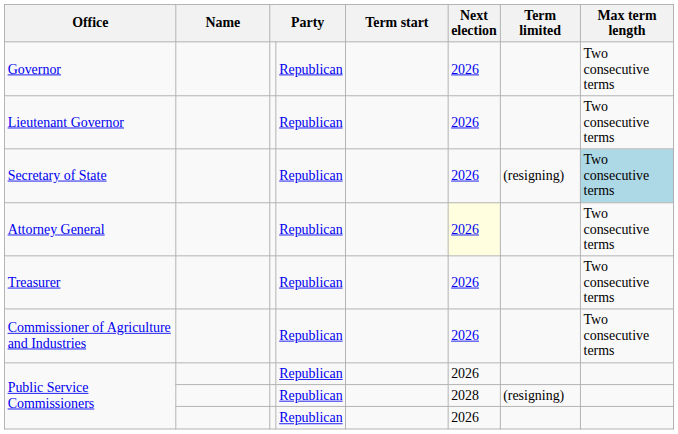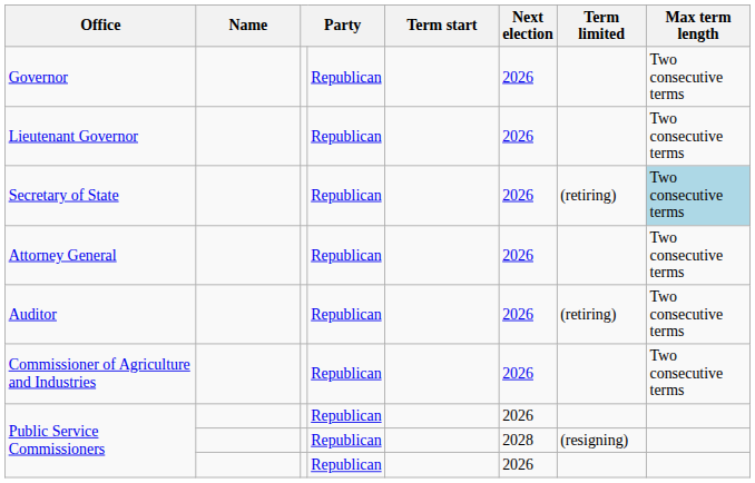 <table class="sortable wikitable">
 <tr>
 <th scope="col" width=190>Office</th>
 <th scope="col" width=100>Name</th>
 <th scope="col" width=75 colspan=2>Party</th>
 <th scope="col" width=110>Term start</th>
 <th scope="col" width=50>Next election</th>
 <th scope="col" width=85>Term limited</th>
 <th scope="col" width=100>Max term length</th>
 </tr>
 <tr>
 <td><a href='#'>Governor</a></td>
 <td></td>
 <td style="background-color:"></td>
 <td><a href='#'>Republican</a></td>
 <td></td>
 <td><a href='#'>2026</a></td>
 <td></td>
 <td>Two consecutive terms</td>
 </tr>
 <tr>
 <td><a href='#'>Lieutenant Governor</a></td>
 <td></td>
 <td style="background-color:"></td>
 <td><a href='#'>Republican</a></td>
 <td></td>
 <td><a href='#'>2026</a></td>
 <td></td>
 <td>Two consecutive terms</td>
 </tr>
 <tr>
 <td><a href='#'>Secretary of State</a></td>
 <td></td>
 <td style="background-color:"></td>
 <td><a href='#'>Republican</a></td>
 <td></td>
 <td><a href='#'>2026</a></td>
-<td> (resigning)</td>
+<td> (retiring)</td>
 <td style="background: lightblue;">Two consecutive terms</td>
 </tr>
 <tr>
 <td><a href='#'>Attorney General</a></td>
 <td></td>
 <td style="background-color:"></td>
 <td><a href='#'>Republican</a></td>
 <td></td>
-<td style="background: lightyellow;"><a href='#'>2026</a></td>
+<td><a href='#'>2026</a></td>
 <td></td>
 <td>Two consecutive terms</td>
 </tr>
 <tr>
-<td><a href='#'>Treasurer</a></td>
+<td><a href='#'>Auditor</a></td>
 <td></td>
 <td style="background-color:"></td>
 <td><a href='#'>Republican</a></td>
 <td></td>
 <td><a href='#'>2026</a></td>
-<td></td>
+<td> (retiring)</td>
 <td>Two consecutive terms</td>
 </tr>
 <tr>
 <td><a href='#'>Commissioner of Agriculture and Industries</a></td>
 <td></td>
 <td style="background-color:"></td>
 <td><a href='#'>Republican</a></td>
 <td></td>
 <td><a href='#'>2026</a></td>
 <td></td>
 <td>Two consecutive terms</td>
 </tr>
 <tr>
 <td rowspan=3><a href='#'>Public Service Commissioners</a></td>
 <td></td>
 <td style="background-color:"></td>
 <td><a href='#'>Republican</a></td>
 <td></td>
 <td>2026</td>
 <td></td>
 <td></td>
 </tr>
 <tr>
 <td></td>
 <td style="background-color:"></td>
 <td><a href='#'>Republican</a></td>
 <td></td>
 <td>2028</td>
 <td> (resigning)</td>
 <td></td>
 </tr>
 <tr>
 <td></td>
 <td style="background-color:"></td>
 <td><a href='#'>Republican</a></td>
 <td></td>
 <td>2026</td>
 <td></td>
 <td></td>
 </tr>
 </table>
